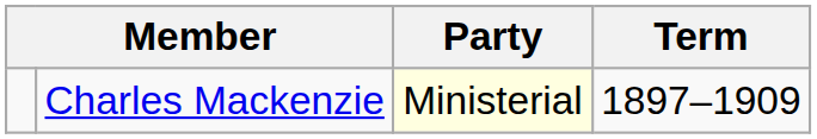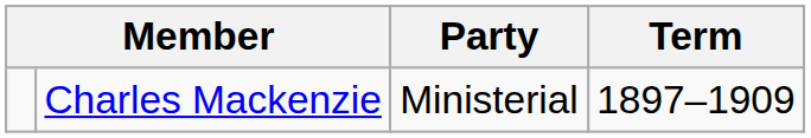 <table class="wikitable">
 <tr>
 <th colspan=2>Member</th>
 <th>Party</th>
 <th>Term</th>
 </tr>
 <tr>
 <td> </td>
 <td><a href='#'>Charles Mackenzie</a></td>
-<td style="background: lightyellow;">Ministerial</td>
+<td>Ministerial</td>
 <td>1897–1909</td>
 </tr>
 </table>
